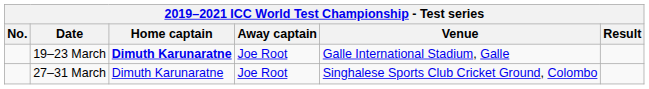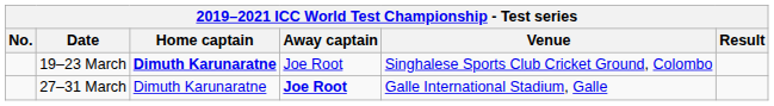 <table class="wikitable">
 <tr>
 <th colspan="9"><a href='#'>2019–2021 ICC World Test Championship</a> - Test series</th>
 </tr>
 <tr>
 <th>No.</th>
 <th>Date</th>
 <th>Home captain</th>
 <th>Away captain</th>
 <th>Venue</th>
 <th>Result</th>
 </tr>
 <tr>
 <td></td>
 <td>19–23 March</td>
 <td><strong><a href='#'>Dimuth Karunaratne</a></strong></td>
 <td><a href='#'>Joe Root</a></td>
-<td><a href='#'>Galle International Stadium</a>, <a href='#'>Galle</a></td>
+<td><a href='#'>Singhalese Sports Club Cricket Ground</a>, <a href='#'>Colombo</a></td>
 <td></td>
 </tr>
 <tr>
 <td></td>
 <td>27–31 March</td>
 <td><a href='#'>Dimuth Karunaratne</a></td>
-<td><a href='#'>Joe Root</a></td>
-<td><a href='#'>Singhalese Sports Club Cricket Ground</a>, <a href='#'>Colombo</a></td>
+<td><strong><a href='#'>Joe Root</a></strong></td>
+<td><a href='#'>Galle International Stadium</a>, <a href='#'>Galle</a></td>
 <td></td>
 </tr>
 </table>
